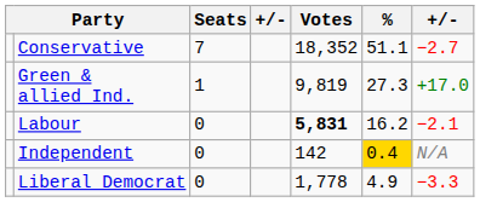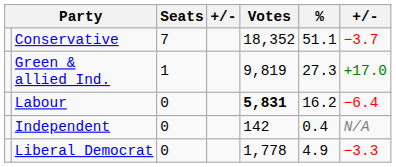 <table class="wikitable sortable">
 <tr>
 <th colspan="2">Party</th>
 <th>Seats</th>
 <th>+/-</th>
 <th>Votes</th>
 <th>%</th>
 <th>+/-</th>
 </tr>
 <tr>
 <td style="background-color: "></td>
 <td><a href='#'>Conservative</a></td>
 <td>7</td>
 <td></td>
 <td>18,352</td>
 <td>51.1</td>
-<td style="color:red">−2.7</td>
+<td style="color:red">−3.7</td>
 </tr>
 <tr>
 <td style="background-color: "></td>
 <td><a href='#'>Green &<br>allied Ind.</a></td>
 <td>1</td>
 <td></td>
 <td>9,819</td>
 <td>27.3</td>
 <td style="color:green">+17.0</td>
 </tr>
 <tr>
 <td style="background-color: "></td>
 <td><a href='#'>Labour</a></td>
 <td>0</td>
 <td></td>
 <td><strong>5,831</strong></td>
 <td>16.2</td>
-<td style="color:red">−2.1</td>
+<td style="color:red">−6.4</td>
 </tr>
 <tr>
 <td style="background-color: "></td>
 <td><a href='#'>Independent</a></td>
 <td>0</td>
 <td></td>
 <td>142</td>
-<td style="background: gold;">0.4</td>
+<td>0.4</td>
 <td style="color:grey"><em>N/A</em></td>
 </tr>
 <tr>
 <td style="background-color: "></td>
 <td><a href='#'>Liberal Democrat</a></td>
 <td>0</td>
 <td></td>
 <td>1,778</td>
 <td>4.9</td>
 <td style="color:red">−3.3</td>
 </tr>
 </table>
